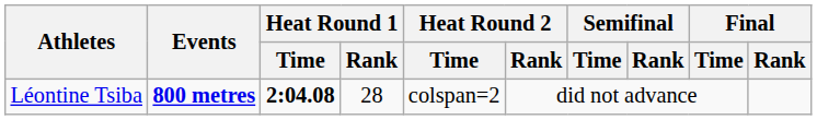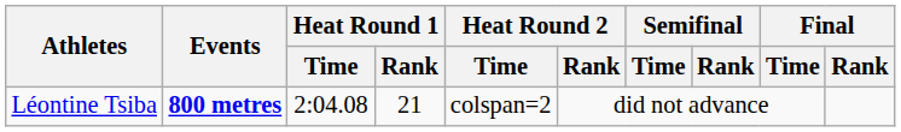 <table class=wikitable style=font-size:90%>
 <tr>
 <th rowspan=2>Athletes</th>
 <th rowspan=2>Events</th>
 <th colspan=2>Heat Round 1</th>
 <th colspan=2>Heat Round 2</th>
 <th colspan=2>Semifinal</th>
 <th colspan=2>Final</th>
 </tr>
 <tr>
 <th>Time</th>
 <th>Rank</th>
 <th>Time</th>
 <th>Rank</th>
 <th>Time</th>
 <th>Rank</th>
 <th>Time</th>
 <th>Rank</th>
 </tr>
 <tr>
 <td><a href='#'>Léontine Tsiba</a></td>
 <td><strong><a href='#'>800 metres</a></strong></td>
-<td align=center><strong>2:04.08</strong></td>
-<td align=center>28</td>
+<td align=center>2:04.08</td>
+<td align=center>21</td>
 <td>colspan=2</td>
 <td align=center colspan=4>did not advance</td>
 </tr>
 </table>
